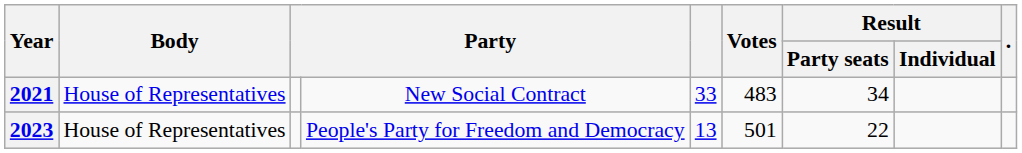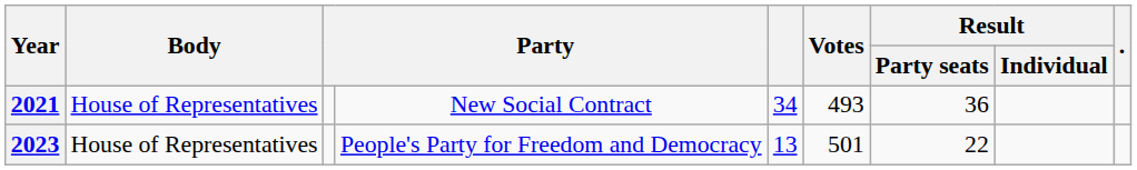 <table class="wikitable plainrowheaders sortable" border=2 cellpadding=4 cellspacing=0 style="border: 1px #aaa solid; font-size: 90%; text-align:center;">
 <tr>
 <th scope="col" rowspan=2>Year</th>
 <th scope="col" rowspan=2>Body</th>
 <th scope="col" colspan=2 rowspan=2>Party</th>
 <th scope="col" rowspan=2></th>
 <th scope="col" rowspan=2>Votes</th>
 <th scope="colgroup" colspan=2>Result</th>
 <th scope="col" rowspan=2 class="unsortable">.</th>
 </tr>
 <tr>
 <th scope="col">Party seats</th>
 <th scope="col">Individual</th>
 </tr>
 <tr>
 <th scope="row"><a href='#'>2021</a></th>
 <td><a href='#'>House of Representatives</a></td>
 <td style="background-color:"></td>
 <td><a href='#'>New Social Contract</a></td>
-<td style=text-align:right><a href='#'>33</a></td>
-<td style=text-align:right>483</td>
-<td style=text-align:right>34</td>
+<td style=text-align:right><a href='#'>34</a></td>
+<td style=text-align:right>493</td>
+<td style=text-align:right>36</td>
 <td></td>
 <td></td>
 </tr>
 <tr>
 <th scope="row"><a href='#'>2023</a></th>
 <td>House of Representatives</td>
 <td style="background-color:"></td>
 <td><a href='#'>People's Party for Freedom and Democracy</a></td>
 <td style=text-align:right><a href='#'>13</a></td>
 <td style=text-align:right>501</td>
 <td style=text-align:right>22</td>
 <td></td>
 <td></td>
 </tr>
 </table>
